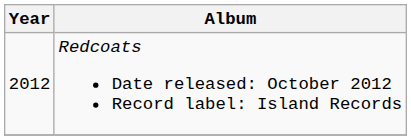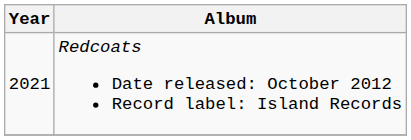 <table class="wikitable">
 <tr>
 <th align="center">Year</th>
 <th align="center">Album</th>
 </tr>
 <tr>
-<td style="text-align:center;">2012</td>
+<td style="text-align:center;">2021</td>
 <td><em>Redcoats</em><br><ul><li>Date released: October 2012</li><li>Record label: Island Records</li></ul></td>
 </tr>
 <tr>
 </tr>
 </table>
